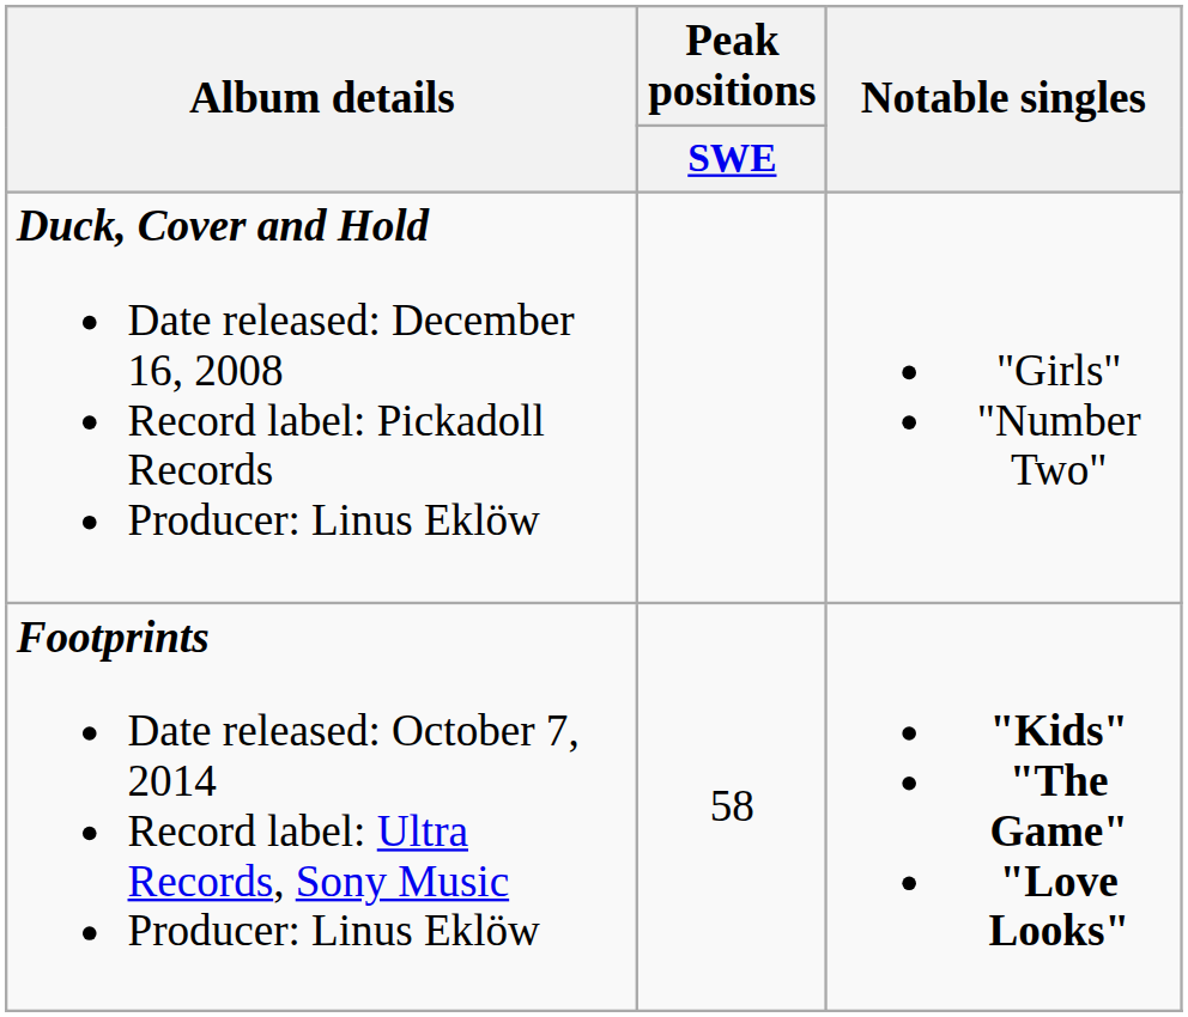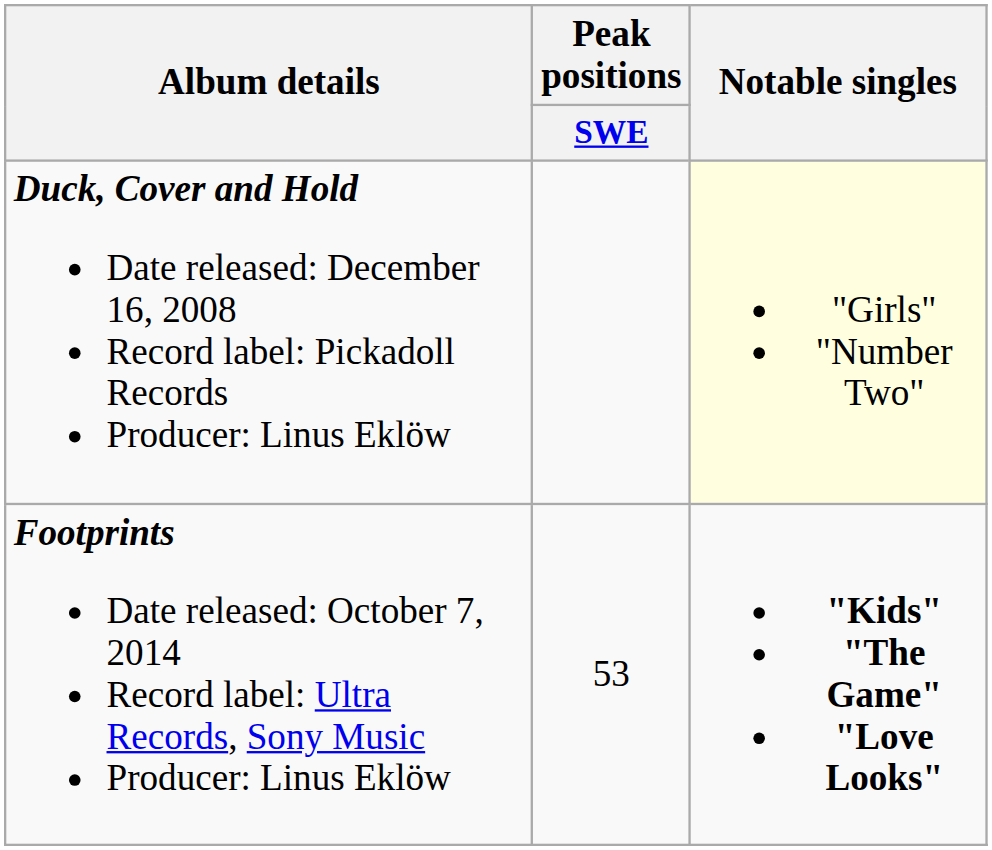 <table class="wikitable">
 <tr>
 <th align="center" rowspan="2" width="220">Album details</th>
 <th align="center" colspan="1" width="20">Peak positions</th>
 <th align="center" rowspan="2" width="120">Notable singles</th>
 </tr>
 <tr>
 <th scope="col" style="width:3em;font-size:90%;"><a href='#'>SWE</a><br></th>
 </tr>
 <tr>
 <td><strong><em>Duck, Cover and Hold</em></strong><br><ul><li>Date released: December 16, 2008</li><li>Record label: Pickadoll Records</li><li>Producer: Linus Eklöw</li></ul></td>
 <td style="text-align:center;"></td>
-<td style="text-align:center;"><br><ul><li>"Girls"</li><li>"Number Two"</li></ul></td>
+<td style="background: lightyellow; text-align:center;"><br><ul><li>"Girls"</li><li>"Number Two"</li></ul></td>
 </tr>
 <tr>
 <td><strong><em>Footprints</em></strong><br><ul><li>Date released: October 7, 2014</li><li>Record label: <a href='#'>Ultra Records</a>, <a href='#'>Sony Music</a></li><li>Producer: Linus Eklöw</li></ul></td>
-<td style="text-align:center;">58</td>
+<td style="text-align:center;">53</td>
 <td style="text-align:center;"><strong><br><ul><li>"Kids"</li><li>"The Game"</li><li>"Love Looks"</li></ul></strong></td>
 </tr>
 <tr>
 </tr>
 </table>
